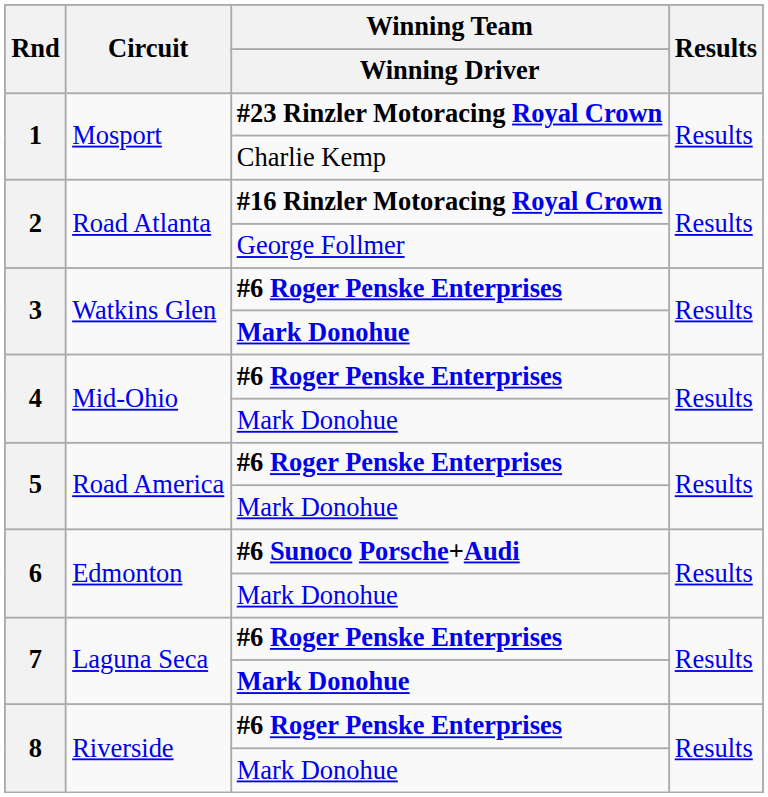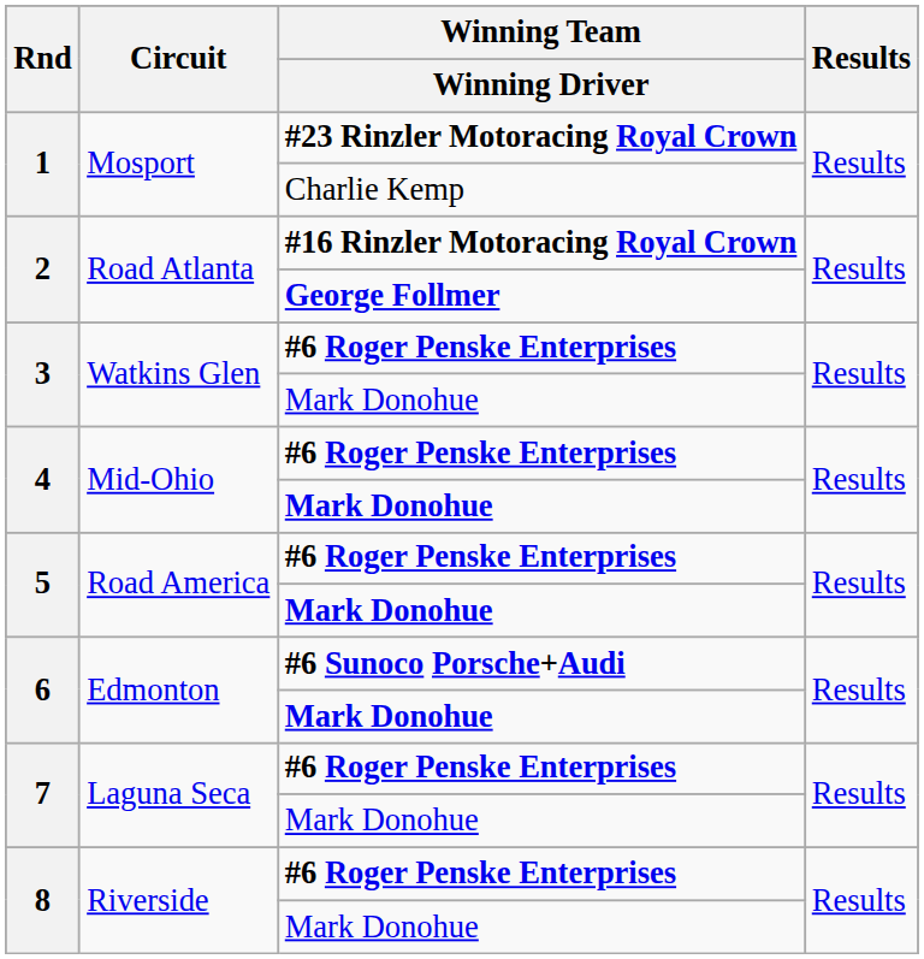 <table class="wikitable" style="font-size: 90%;">
 <tr>
 <th rowspan=2>Rnd</th>
 <th rowspan=2>Circuit</th>
 <th>Winning Team</th>
 <th rowspan=2>Results</th>
 </tr>
 <tr>
 <th>Winning Driver</th>
 </tr>
 <tr>
 <th rowspan=2>1</th>
 <td rowspan=2><a href='#'>Mosport</a></td>
 <td><strong> #23 Rinzler Motoracing <a href='#'>Royal Crown</a></strong></td>
 <td rowspan=2><a href='#'>Results</a></td>
 </tr>
 <tr>
 <td> Charlie Kemp</td>
 </tr>
 <tr>
 <th rowspan=2>2</th>
 <td rowspan=2><a href='#'>Road Atlanta</a></td>
 <td><strong> #16 Rinzler Motoracing <a href='#'>Royal Crown</a></strong></td>
 <td rowspan=2><a href='#'>Results</a></td>
 </tr>
 <tr>
-<td> <a href='#'>George Follmer</a></td>
+<td><strong> <a href='#'>George Follmer</a></strong></td>
 </tr>
 <tr>
 <th rowspan=2>3</th>
 <td rowspan=2><a href='#'>Watkins Glen</a></td>
 <td><strong> #6 <a href='#'>Roger Penske Enterprises</a></strong></td>
 <td rowspan=2><a href='#'>Results</a></td>
 </tr>
 <tr>
-<td><strong> <a href='#'>Mark Donohue</a></strong></td>
+<td> <a href='#'>Mark Donohue</a></td>
 </tr>
 <tr>
 <th rowspan=2>4</th>
 <td rowspan=2><a href='#'>Mid-Ohio</a></td>
 <td><strong> #6 <a href='#'>Roger Penske Enterprises</a></strong></td>
 <td rowspan=2><a href='#'>Results</a></td>
 </tr>
 <tr>
-<td> <a href='#'>Mark Donohue</a></td>
+<td><strong> <a href='#'>Mark Donohue</a></strong></td>
 </tr>
 <tr>
 <th rowspan=2>5</th>
 <td rowspan=2><a href='#'>Road America</a></td>
 <td><strong> #6 <a href='#'>Roger Penske Enterprises</a></strong></td>
 <td rowspan=2><a href='#'>Results</a></td>
 </tr>
 <tr>
-<td> <a href='#'>Mark Donohue</a></td>
+<td><strong> <a href='#'>Mark Donohue</a></strong></td>
 </tr>
 <tr>
 <th rowspan=2>6</th>
 <td rowspan=2><a href='#'>Edmonton</a></td>
 <td><strong> #6 <a href='#'>Sunoco</a> <a href='#'>Porsche</a>+<a href='#'>Audi</a></strong></td>
 <td rowspan=2><a href='#'>Results</a></td>
 </tr>
 <tr>
-<td> <a href='#'>Mark Donohue</a></td>
+<td><strong> <a href='#'>Mark Donohue</a></strong></td>
 </tr>
 <tr>
 <th rowspan=2>7</th>
 <td rowspan=2><a href='#'>Laguna Seca</a></td>
 <td><strong> #6 <a href='#'>Roger Penske Enterprises</a></strong></td>
 <td rowspan=2><a href='#'>Results</a></td>
 </tr>
 <tr>
-<td><strong> <a href='#'>Mark Donohue</a></strong></td>
+<td> <a href='#'>Mark Donohue</a></td>
 </tr>
 <tr>
 <th rowspan=2>8</th>
 <td rowspan=2><a href='#'>Riverside</a></td>
 <td><strong> #6 <a href='#'>Roger Penske Enterprises</a></strong></td>
 <td rowspan=2><a href='#'>Results</a></td>
 </tr>
 <tr>
 <td> <a href='#'>Mark Donohue</a></td>
 </tr>
 </table>
